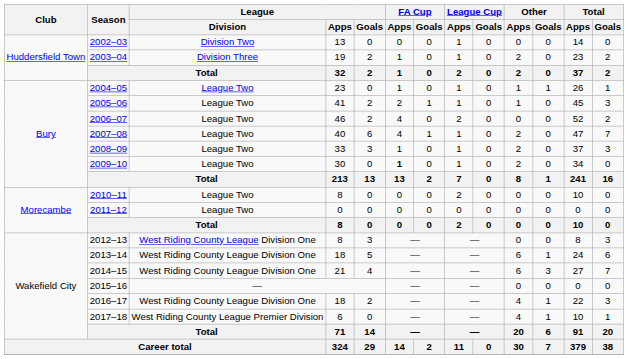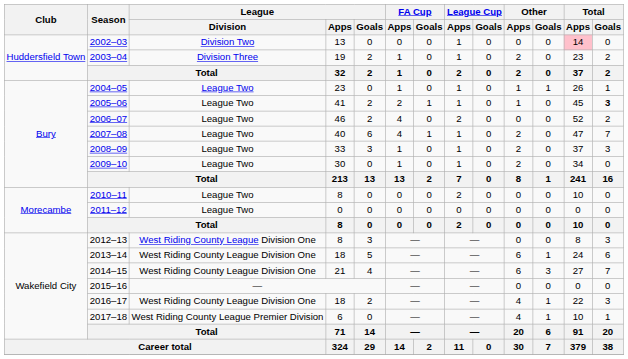 <table class=wikitable style="text-align:center">
 <tr>
 <th rowspan="2">Club</th>
 <th rowspan="2">Season</th>
 <th colspan="3">League</th>
 <th colspan="2"><a href='#'>FA Cup</a></th>
 <th colspan="2"><a href='#'>League Cup</a></th>
 <th colspan="2">Other</th>
 <th colspan="2">Total</th>
 </tr>
 <tr>
 <th>Division</th>
 <th>Apps</th>
 <th>Goals</th>
 <th>Apps</th>
 <th>Goals</th>
 <th>Apps</th>
 <th>Goals</th>
 <th>Apps</th>
 <th>Goals</th>
 <th>Apps</th>
 <th>Goals</th>
 </tr>
 <tr>
 <td rowspan="3"><a href='#'>Huddersfield Town</a></td>
 <td><a href='#'>2002–03</a></td>
 <td><a href='#'>Division Two</a></td>
 <td>13</td>
 <td>0</td>
 <td>0</td>
 <td>0</td>
 <td>1</td>
 <td>0</td>
 <td>0</td>
 <td>0</td>
-<td>14</td>
+<td style="background: pink;">14</td>
 <td>0</td>
 </tr>
 <tr>
 <td><a href='#'>2003–04</a></td>
 <td><a href='#'>Division Three</a></td>
 <td>19</td>
 <td>2</td>
 <td>1</td>
 <td>0</td>
 <td>1</td>
 <td>0</td>
 <td>2</td>
 <td>0</td>
 <td>23</td>
 <td>2</td>
 </tr>
 <tr>
 <th colspan="2">Total</th>
 <th>32</th>
 <th>2</th>
 <th>1</th>
 <th>0</th>
 <th>2</th>
 <th>0</th>
 <th>2</th>
 <th>0</th>
 <th>37</th>
 <th>2</th>
 </tr>
 <tr>
 <td rowspan="7"><a href='#'>Bury</a></td>
 <td><a href='#'>2004–05</a></td>
 <td><a href='#'>League Two</a></td>
 <td>23</td>
 <td>0</td>
 <td>1</td>
 <td>0</td>
 <td>1</td>
 <td>0</td>
 <td>1</td>
 <td>1</td>
 <td>26</td>
 <td>1</td>
 </tr>
 <tr>
 <td><a href='#'>2005–06</a></td>
 <td>League Two</td>
 <td>41</td>
 <td>2</td>
 <td>2</td>
 <td>1</td>
 <td>1</td>
 <td>0</td>
 <td>1</td>
 <td>0</td>
 <td>45</td>
-<td>3</td>
+<td><strong>3</strong></td>
 </tr>
 <tr>
 <td><a href='#'>2006–07</a></td>
 <td>League Two</td>
 <td>46</td>
 <td>2</td>
 <td>4</td>
 <td>0</td>
 <td>2</td>
 <td>0</td>
 <td>0</td>
 <td>0</td>
 <td>52</td>
 <td>2</td>
 </tr>
 <tr>
 <td><a href='#'>2007–08</a></td>
 <td>League Two</td>
 <td>40</td>
 <td>6</td>
 <td>4</td>
 <td>1</td>
 <td>1</td>
 <td>0</td>
 <td>2</td>
 <td>0</td>
 <td>47</td>
 <td>7</td>
 </tr>
 <tr>
 <td><a href='#'>2008–09</a></td>
 <td>League Two</td>
 <td>33</td>
 <td>3</td>
 <td>1</td>
 <td>0</td>
 <td>1</td>
 <td>0</td>
 <td>2</td>
 <td>0</td>
 <td>37</td>
 <td>3</td>
 </tr>
 <tr>
 <td><a href='#'>2009–10</a></td>
 <td>League Two</td>
 <td>30</td>
 <td>0</td>
-<td><strong>1</strong></td>
+<td>1</td>
 <td>0</td>
 <td>1</td>
 <td>0</td>
 <td>2</td>
 <td>0</td>
 <td>34</td>
 <td>0</td>
 </tr>
 <tr>
 <th colspan="2">Total</th>
 <th>213</th>
 <th>13</th>
 <th>13</th>
 <th>2</th>
 <th>7</th>
 <th>0</th>
 <th>8</th>
 <th>1</th>
 <th>241</th>
 <th>16</th>
 </tr>
 <tr>
 <td rowspan="3"><a href='#'>Morecambe</a></td>
 <td><a href='#'>2010–11</a></td>
 <td>League Two</td>
 <td>8</td>
 <td>0</td>
 <td>0</td>
 <td>0</td>
 <td>2</td>
 <td>0</td>
 <td>0</td>
 <td>0</td>
 <td>10</td>
 <td>0</td>
 </tr>
 <tr>
 <td><a href='#'>2011–12</a></td>
 <td>League Two</td>
 <td>0</td>
 <td>0</td>
 <td>0</td>
 <td>0</td>
 <td>0</td>
 <td>0</td>
 <td>0</td>
 <td>0</td>
 <td>0</td>
 <td>0</td>
 </tr>
 <tr>
 <th colspan="2">Total</th>
 <th>8</th>
 <th>0</th>
 <th>0</th>
 <th>0</th>
 <th>2</th>
 <th>0</th>
 <th>0</th>
 <th>0</th>
 <th>10</th>
 <th>0</th>
 </tr>
 <tr>
 <td rowspan="7">Wakefield City</td>
 <td>2012–13</td>
 <td><a href='#'>West Riding County League</a> Division One</td>
 <td>8</td>
 <td>3</td>
 <td colspan="2">—</td>
 <td colspan="2">—</td>
 <td>0</td>
 <td>0</td>
 <td>8</td>
 <td>3</td>
 </tr>
 <tr>
 <td>2013–14</td>
 <td>West Riding County League Division One</td>
 <td>18</td>
 <td>5</td>
 <td colspan="2">—</td>
 <td colspan="2">—</td>
 <td>6</td>
 <td>1</td>
 <td>24</td>
 <td>6</td>
 </tr>
 <tr>
 <td>2014–15</td>
 <td>West Riding County League Division One</td>
 <td>21</td>
 <td>4</td>
 <td colspan="2">—</td>
 <td colspan="2">—</td>
 <td>6</td>
 <td>3</td>
 <td>27</td>
 <td>7</td>
 </tr>
 <tr>
 <td>2015–16</td>
 <td colspan="3">—</td>
 <td colspan="2">—</td>
 <td colspan="2">—</td>
 <td>0</td>
 <td>0</td>
 <td>0</td>
 <td>0</td>
 </tr>
 <tr>
 <td>2016–17</td>
 <td>West Riding County League Division One</td>
 <td>18</td>
 <td>2</td>
 <td colspan="2">—</td>
 <td colspan="2">—</td>
 <td>4</td>
 <td>1</td>
 <td>22</td>
 <td>3</td>
 </tr>
 <tr>
 <td>2017–18</td>
 <td>West Riding County League Premier Division</td>
 <td>6</td>
 <td>0</td>
 <td colspan="2">—</td>
 <td colspan="2">—</td>
 <td>4</td>
 <td>1</td>
 <td>10</td>
 <td>1</td>
 </tr>
 <tr>
 <th colspan="2">Total</th>
 <th>71</th>
 <th>14</th>
 <th colspan="2">—</th>
 <th colspan="2">—</th>
 <th>20</th>
 <th>6</th>
 <th>91</th>
 <th>20</th>
 </tr>
 <tr>
 <th colspan="3">Career total</th>
 <th>324</th>
 <th>29</th>
 <th>14</th>
 <th>2</th>
 <th>11</th>
 <th>0</th>
 <th>30</th>
 <th>7</th>
 <th>379</th>
 <th>38</th>
 </tr>
 <tr>
 </tr>
 </table>
